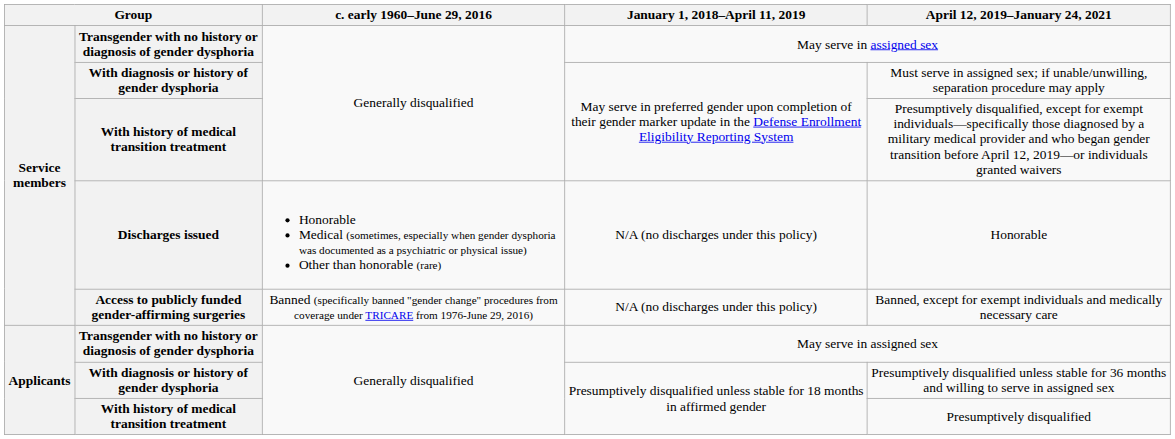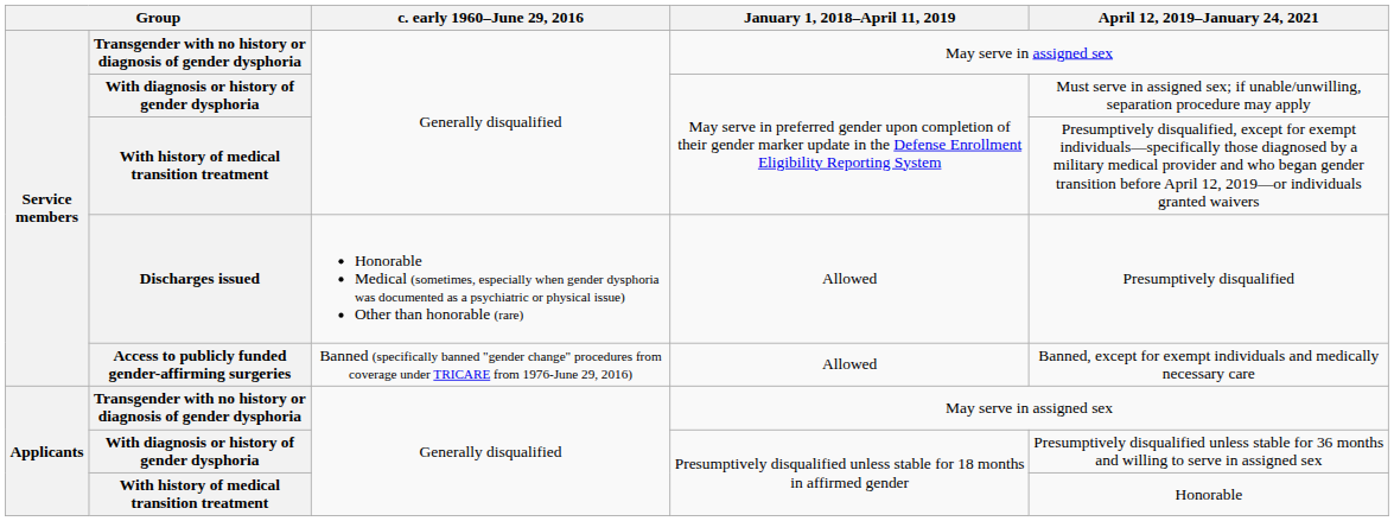 <table class="wikitable plainrowheaders" style="text-align:center;" width="70%">
 <tr>
 <th width="20%" colspan="2">Group</th>
 <th width="25%">c. early 1960–June 29, 2016</th>
 <th width="25%">January 1, 2018–April 11, 2019</th>
 <th width="25%">April 12, 2019–January 24, 2021</th>
 </tr>
 <tr>
 <th rowspan="5">Service members</th>
 <th scope="row">Transgender with no history or diagnosis of gender dysphoria</th>
 <td rowspan="3">Generally disqualified</td>
 <td colspan="2">May serve in <a href='#'>assigned sex</a></td>
 </tr>
 <tr>
 <th scope="row">With diagnosis or history of gender dysphoria</th>
 <td rowspan="2">May serve in preferred gender upon completion of their gender marker update in the <a href='#'>Defense Enrollment Eligibility Reporting System</a></td>
 <td>Must serve in assigned sex; if unable/unwilling, separation procedure may apply</td>
 </tr>
 <tr>
 <th scope="row">With history of medical transition treatment</th>
 <td>Presumptively disqualified, except for exempt individuals—specifically those diagnosed by a military medical provider and who began gender transition before April 12, 2019—or individuals granted waivers</td>
 </tr>
 <tr>
 <th scope="row">Discharges issued</th>
 <td style="text-align:left"><br><ul><li>Honorable</li><li>Medical <small>(sometimes, especially when gender dysphoria was documented as a psychiatric or physical issue)</small></li><li>Other than honorable <small>(rare)</small></li></ul></td>
-<td>N/A (no discharges under this policy)</td>
-<td>Honorable</td>
+<td>Allowed</td>
+<td>Presumptively disqualified</td>
 </tr>
 <tr>
 <th scope="row">Access to publicly funded gender-affirming surgeries</th>
 <td>Banned <small>(specifically banned "gender change" procedures from coverage under <a href='#'>TRICARE</a> from 1976-June 29, 2016)</small></td>
-<td>N/A (no discharges under this policy)</td>
+<td>Allowed</td>
 <td>Banned, except for exempt individuals and medically necessary care</td>
 </tr>
 <tr>
 <th rowspan="3">Applicants</th>
 <th scope="row">Transgender with no history or diagnosis of gender dysphoria</th>
 <td rowspan="3">Generally disqualified</td>
 <td colspan="2">May serve in assigned sex</td>
 </tr>
 <tr>
 <th scope="row">With diagnosis or history of gender dysphoria</th>
 <td rowspan="2">Presumptively disqualified unless stable for 18 months in affirmed gender</td>
 <td>Presumptively disqualified unless stable for 36 months and willing to serve in assigned sex</td>
 </tr>
 <tr>
 <th scope="row">With history of medical transition treatment</th>
-<td>Presumptively disqualified</td>
+<td>Honorable</td>
 </tr>
 </table>
